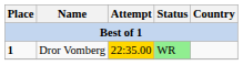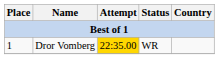 <table class="wikitable sortable">
 <tr>
 <th>Place</th>
 <th class="unsortable">Name</th>
 <th>Attempt</th>
 <th class="unsortable">Status</th>
 <th class="unsortable">Country</th>
 </tr>
 <tr>
 <th colspan="8" style="text-align:center; background:#C3D6EF;">Best of 1</th>
 </tr>
 <tr>
-<td><strong>1</strong></td>
+<td>1</td>
 <td>Dror Vomberg</td>
 <td style="background: gold;">22:35.00</td>
-<td style="background: lightgreen;">WR</td>
+<td>WR</td>
 <td></td>
 </tr>
 <tr>
 </tr>
 </table>
